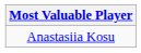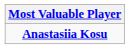 <table class=wikitable style="text-align:center; margin:auto">
 <tr>
 <th><a href='#'>Most Valuable Player</a></th>
 </tr>
 <tr>
-<td> <a href='#'>Anastasiia Kosu</a></td>
+<td><strong> <a href='#'>Anastasiia Kosu</a></strong></td>
 </tr>
 </table>
